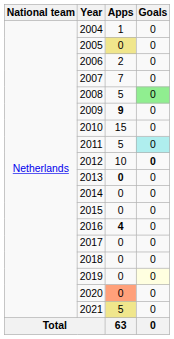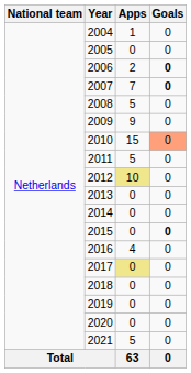 <table class="wikitable" style="text-align:center">
 <tr>
 <th>National team</th>
 <th>Year</th>
 <th>Apps</th>
 <th>Goals</th>
 </tr>
 <tr>
 <td rowspan="18"><a href='#'>Netherlands</a></td>
 <td>2004</td>
 <td>1</td>
 <td>0</td>
 </tr>
 <tr>
 <td>2005</td>
-<td style="background: khaki;">0</td>
+<td>0</td>
 <td>0</td>
 </tr>
 <tr>
 <td>2006</td>
 <td>2</td>
-<td>0</td>
+<td><strong>0</strong></td>
 </tr>
 <tr>
 <td>2007</td>
 <td>7</td>
-<td>0</td>
+<td><strong>0</strong></td>
 </tr>
 <tr>
 <td>2008</td>
 <td>5</td>
-<td style="background: lightgreen;">0</td>
+<td>0</td>
 </tr>
 <tr>
 <td>2009</td>
-<td><strong>9</strong></td>
+<td>9</td>
 <td>0</td>
 </tr>
 <tr>
 <td>2010</td>
 <td>15</td>
-<td>0</td>
+<td style="background: lightsalmon;">0</td>
 </tr>
 <tr>
 <td>2011</td>
 <td>5</td>
-<td style="background: paleturquoise;">0</td>
+<td>0</td>
 </tr>
 <tr>
 <td>2012</td>
-<td>10</td>
-<td><strong>0</strong></td>
+<td style="background: khaki;">10</td>
+<td>0</td>
 </tr>
 <tr>
 <td>2013</td>
-<td><strong>0</strong></td>
+<td>0</td>
 <td>0</td>
 </tr>
 <tr>
 <td>2014</td>
 <td>0</td>
 <td>0</td>
 </tr>
 <tr>
 <td>2015</td>
 <td>0</td>
-<td>0</td>
+<td><strong>0</strong></td>
 </tr>
 <tr>
 <td>2016</td>
-<td><strong>4</strong></td>
+<td>4</td>
 <td>0</td>
 </tr>
 <tr>
 <td>2017</td>
-<td>0</td>
+<td style="background: khaki;">0</td>
 <td>0</td>
 </tr>
 <tr>
 <td>2018</td>
 <td>0</td>
 <td>0</td>
 </tr>
 <tr>
 <td>2019</td>
 <td>0</td>
-<td style="background: lightyellow;">0</td>
+<td>0</td>
 </tr>
 <tr>
 <td>2020</td>
-<td style="background: lightsalmon;">0</td>
+<td>0</td>
 <td>0</td>
 </tr>
 <tr>
 <td>2021</td>
-<td style="background: khaki;">5</td>
+<td>5</td>
 <td>0</td>
 </tr>
 <tr>
 <th colspan="2">Total</th>
 <th>63</th>
 <th>0</th>
 </tr>
 </table>
